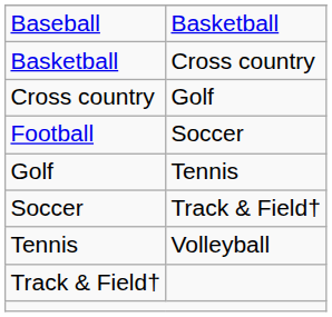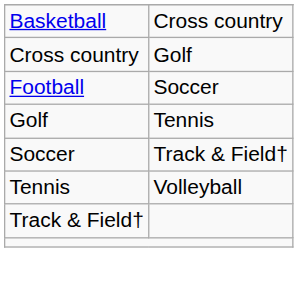 <table class="wikitable">
 <tr>
-</tr>
-<tr>
-<td><a href='#'>Baseball</a></td>
-<td><a href='#'>Basketball</a></td>
 </tr>
 <tr>
 <td><a href='#'>Basketball</a></td>
 <td>Cross country</td>
 </tr>
 <tr>
 <td>Cross country</td>
 <td>Golf</td>
 </tr>
 <tr>
 <td><a href='#'>Football</a></td>
 <td>Soccer</td>
 </tr>
 <tr>
 <td>Golf</td>
 <td>Tennis</td>
 </tr>
 <tr>
 <td>Soccer</td>
 <td>Track & Field†</td>
 </tr>
 <tr>
 <td>Tennis</td>
 <td>Volleyball</td>
 </tr>
 <tr>
 <td>Track & Field†</td>
 <td></td>
 </tr>
 <tr>
 <td colspan="2"></td>
 </tr>
 </table>
